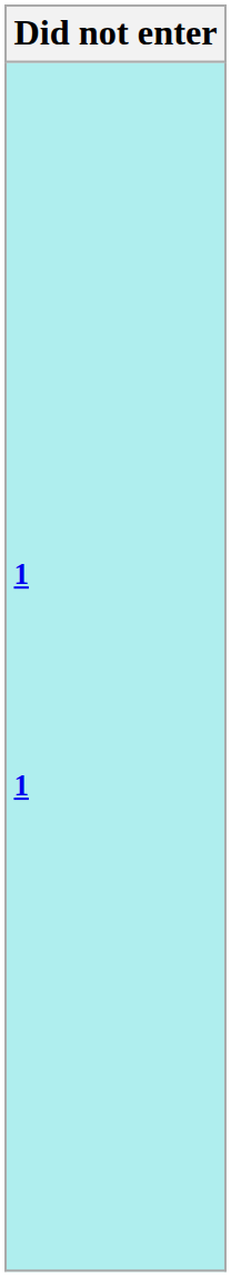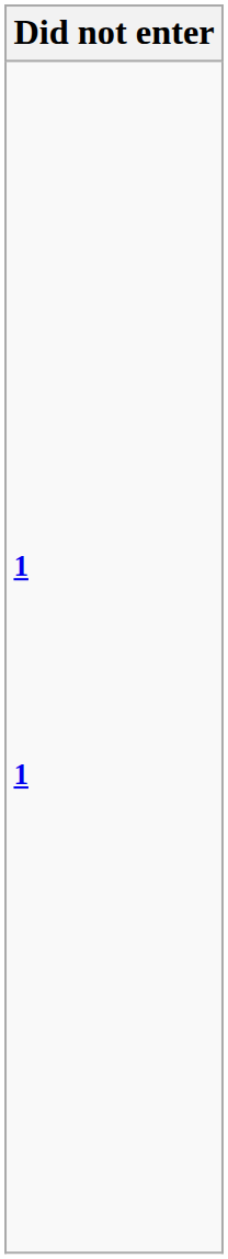 <table class="wikitable collapsible collapsed">
 <tr>
 <th>Did not enter</th>
 </tr>
 <tr>
-<td style="background: paleturquoise;"><br><br> <br> <br> <br> <br> <br> <br> <br> <br> <br> <br> <sup><strong><a href='#'>1</a></strong></sup><br> <br> <br> <br> <br> <sup><strong><a href='#'>1</a></strong></sup><br> <br> <br> <br> <br> <br> <br> <br> <br> <br> <br> <br> </td>
+<td><br><br> <br> <br> <br> <br> <br> <br> <br> <br> <br> <br> <sup><strong><a href='#'>1</a></strong></sup><br> <br> <br> <br> <br> <sup><strong><a href='#'>1</a></strong></sup><br> <br> <br> <br> <br> <br> <br> <br> <br> <br> <br> <br> </td>
 </tr>
 </table>
